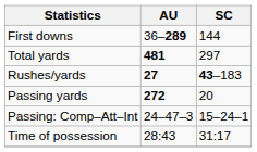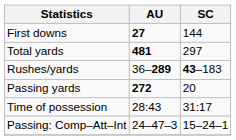 <table class="wikitable" style="float: left;">
 <tr>
 <th>Statistics</th>
 <th>AU</th>
 <th>SC</th>
 </tr>
 <tr>
 <td>First downs</td>
-<td>36–<strong>289</strong></td>
+<td><strong>27</strong></td>
 <td>144</td>
 </tr>
 <tr>
 <td>Total yards</td>
 <td><strong>481</strong></td>
 <td>297</td>
 </tr>
 <tr>
 <td>Rushes/yards</td>
-<td><strong>27</strong></td>
+<td>36–<strong>289</strong></td>
 <td><strong>43</strong>–183</td>
 </tr>
 <tr>
 <td>Passing yards</td>
 <td><strong>272</strong></td>
 <td>20</td>
 </tr>
 <tr>
+<td>Time of possession</td>
+<td>28:43</td>
+<td>31:17</td>
+</tr>
+<tr>
 <td>Passing: Comp–Att–Int</td>
 <td>24–47–3</td>
 <td>15–24–1</td>
 </tr>
 <tr>
-<td>Time of possession</td>
-<td>28:43</td>
-<td>31:17</td>
-</tr>
-<tr>
 </tr>
 </table>
